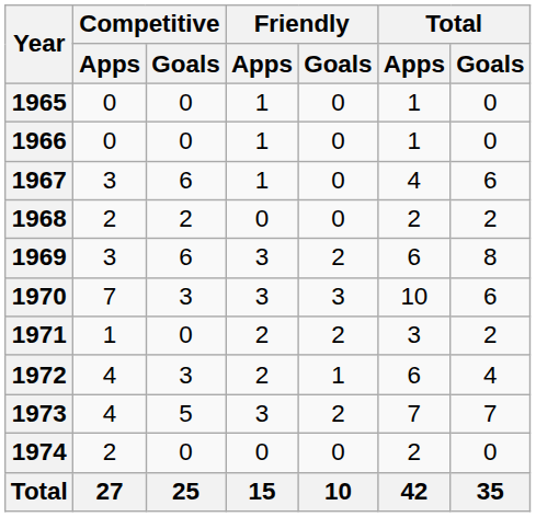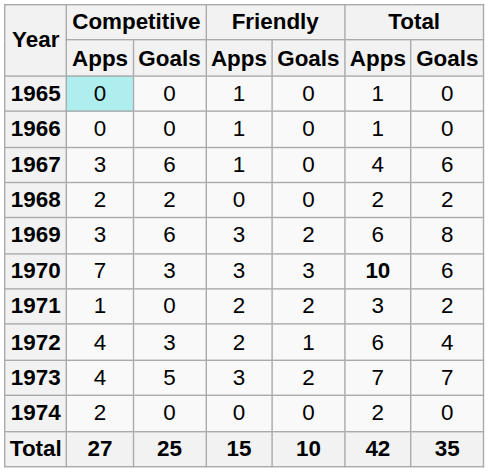 <table class="wikitable" style="text-align:center">
 <tr>
 <th rowspan="2" scope=col>Year</th>
 <th colspan="2" scope=colgroup>Competitive</th>
 <th colspan="2" scope=colgroup>Friendly</th>
 <th colspan="2" scope=colgroup>Total</th>
 </tr>
 <tr>
 <th scope=col>Apps</th>
 <th scope=col>Goals</th>
 <th scope=col>Apps</th>
 <th scope=col>Goals</th>
 <th scope=col>Apps</th>
 <th scope=col>Goals</th>
 </tr>
 <tr>
 <th scope="row">1965</th>
-<td>0</td>
+<td style="background: paleturquoise;">0</td>
 <td>0</td>
 <td>1</td>
 <td>0</td>
 <td>1</td>
 <td>0</td>
 </tr>
 <tr>
 <th scope="row">1966</th>
 <td>0</td>
 <td>0</td>
 <td>1</td>
 <td>0</td>
 <td>1</td>
 <td>0</td>
 </tr>
 <tr>
 <th scope="row">1967</th>
 <td>3</td>
 <td>6</td>
 <td>1</td>
 <td>0</td>
 <td>4</td>
 <td>6</td>
 </tr>
 <tr>
 <th scope="row">1968</th>
 <td>2</td>
 <td>2</td>
 <td>0</td>
 <td>0</td>
 <td>2</td>
 <td>2</td>
 </tr>
 <tr>
 <th scope="row">1969</th>
 <td>3</td>
 <td>6</td>
 <td>3</td>
 <td>2</td>
 <td>6</td>
 <td>8</td>
 </tr>
 <tr>
 <th scope="row">1970</th>
 <td>7</td>
 <td>3</td>
 <td>3</td>
 <td>3</td>
-<td>10</td>
+<td><strong>10</strong></td>
 <td>6</td>
 </tr>
 <tr>
 <th scope="row">1971</th>
 <td>1</td>
 <td>0</td>
 <td>2</td>
 <td>2</td>
 <td>3</td>
 <td>2</td>
 </tr>
 <tr>
 <th scope="row">1972</th>
 <td>4</td>
 <td>3</td>
 <td>2</td>
 <td>1</td>
 <td>6</td>
 <td>4</td>
 </tr>
 <tr>
 <th scope="row">1973</th>
 <td>4</td>
 <td>5</td>
 <td>3</td>
 <td>2</td>
 <td>7</td>
 <td>7</td>
 </tr>
 <tr>
 <th scope="row">1974</th>
 <td>2</td>
 <td>0</td>
 <td>0</td>
 <td>0</td>
 <td>2</td>
 <td>0</td>
 </tr>
 <tr>
 <th scope="row">Total</th>
 <th>27</th>
 <th>25</th>
 <th>15</th>
 <th>10</th>
 <th>42</th>
 <th>35</th>
 </tr>
 </table>
